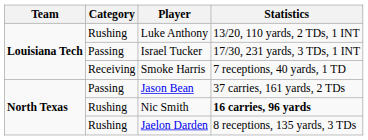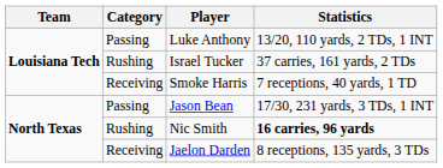 <table class="wikitable" style="float: left;">
 <tr>
 <th>Team</th>
 <th>Category</th>
 <th>Player</th>
 <th>Statistics</th>
 </tr>
 <tr>
 <td rowspan=3><strong>Louisiana Tech</strong></td>
-<td>Rushing</td>
+<td>Passing</td>
 <td>Luke Anthony</td>
 <td>13/20, 110 yards, 2 TDs, 1 INT</td>
 </tr>
 <tr>
-<td>Passing</td>
+<td>Rushing</td>
 <td>Israel Tucker</td>
-<td>17/30, 231 yards, 3 TDs, 1 INT</td>
+<td>37 carries, 161 yards, 2 TDs</td>
 </tr>
 <tr>
 <td>Receiving</td>
 <td>Smoke Harris</td>
 <td>7 receptions, 40 yards, 1 TD</td>
 </tr>
 <tr>
 <td rowspan=3><strong>North Texas</strong></td>
 <td>Passing</td>
 <td><a href='#'>Jason Bean</a></td>
-<td>37 carries, 161 yards, 2 TDs</td>
+<td>17/30, 231 yards, 3 TDs, 1 INT</td>
 </tr>
 <tr>
 <td>Rushing</td>
 <td>Nic Smith</td>
 <td><strong>16 carries, 96 yards</strong></td>
 </tr>
 <tr>
-<td>Rushing</td>
+<td>Receiving</td>
 <td><a href='#'>Jaelon Darden</a></td>
 <td>8 receptions, 135 yards, 3 TDs</td>
 </tr>
 </table>
